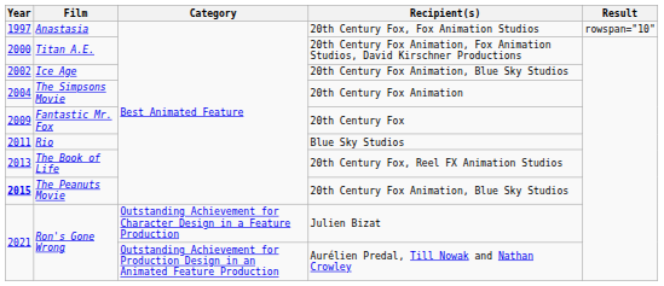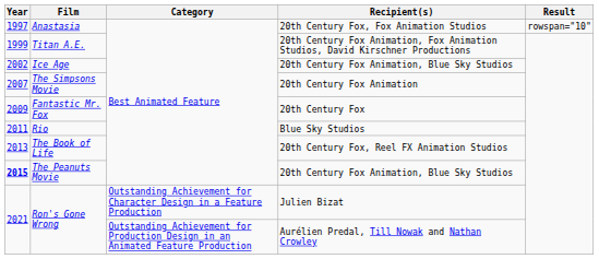 <table class="wikitable sortable">
 <tr>
 <th>Year</th>
 <th>Film</th>
 <th>Category</th>
 <th>Recipient(s)</th>
 <th>Result</th>
 </tr>
 <tr>
 <td><a href='#'>1997</a></td>
 <td><em><a href='#'>Anastasia</a></em></td>
 <td rowspan="8"><a href='#'>Best Animated Feature</a></td>
 <td>20th Century Fox, Fox Animation Studios</td>
 <td>rowspan="10" </td>
 </tr>
 <tr>
-<td><a href='#'>2000</a></td>
+<td><a href='#'>1999</a></td>
 <td><em><a href='#'>Titan A.E.</a></em></td>
 <td>20th Century Fox Animation, Fox Animation Studios, David Kirschner Productions</td>
 </tr>
 <tr>
 <td><a href='#'>2002</a></td>
 <td><em><a href='#'>Ice Age</a></em></td>
 <td>20th Century Fox Animation, Blue Sky Studios</td>
 </tr>
 <tr>
-<td><a href='#'>2004</a></td>
+<td><a href='#'>2007</a></td>
 <td><em><a href='#'>The Simpsons Movie</a></em></td>
 <td>20th Century Fox Animation</td>
 </tr>
 <tr>
 <td><a href='#'>2009</a></td>
 <td><em><a href='#'>Fantastic Mr. Fox</a></em></td>
 <td>20th Century Fox</td>
 </tr>
 <tr>
 <td><a href='#'>2011</a></td>
 <td><em><a href='#'>Rio</a></em></td>
 <td>Blue Sky Studios</td>
 </tr>
 <tr>
 <td><a href='#'>2013</a></td>
 <td><em><a href='#'>The Book of Life</a></em></td>
 <td>20th Century Fox, Reel FX Animation Studios</td>
 </tr>
 <tr>
 <td><strong><a href='#'>2015</a></strong></td>
 <td><em><a href='#'>The Peanuts Movie</a></em></td>
 <td>20th Century Fox Animation, Blue Sky Studios</td>
 </tr>
 <tr>
 <td rowspan="2"><a href='#'>2021</a></td>
 <td rowspan="2"><em><a href='#'>Ron's Gone Wrong</a></em></td>
 <td><a href='#'>Outstanding Achievement for<br>Character Design in a Feature Production</a></td>
 <td>Julien Bizat</td>
 </tr>
 <tr>
 <td><a href='#'>Outstanding Achievement for<br>Production Design in an Animated Feature Production</a></td>
 <td>Aurélien Predal, <a href='#'>Till Nowak</a> and <a href='#'>Nathan Crowley</a></td>
 </tr>
 </table>
